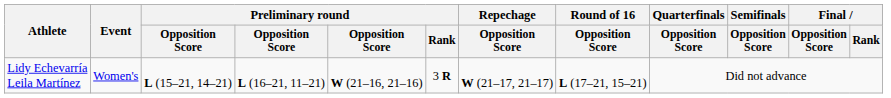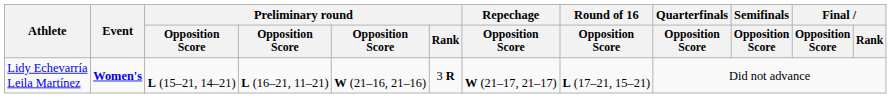 <table class=wikitable style=font-size:90%;text-align:center>
 <tr>
 <th rowspan=2>Athlete</th>
 <th rowspan=2>Event</th>
 <th colspan=4>Preliminary round</th>
 <th>Repechage</th>
 <th>Round of 16</th>
 <th>Quarterfinals</th>
 <th>Semifinals</th>
 <th colspan=2>Final / </th>
 </tr>
 <tr style=font-size:95%>
 <th>Opposition<br>Score</th>
 <th>Opposition<br>Score</th>
 <th>Opposition<br>Score</th>
 <th>Rank</th>
 <th>Opposition<br>Score</th>
 <th>Opposition<br>Score</th>
 <th>Opposition<br>Score</th>
 <th>Opposition<br>Score</th>
 <th>Opposition<br>Score</th>
 <th>Rank</th>
 </tr>
 <tr>
 <td align=left><a href='#'>Lidy Echevarría</a><br><a href='#'>Leila Martínez</a></td>
-<td align=left><a href='#'>Women's</a></td>
+<td align=left><strong><a href='#'>Women's</a></strong></td>
 <td><br><strong>L</strong> (15–21, 14–21)</td>
 <td><br><strong>L</strong> (16–21, 11–21)</td>
 <td><br><strong>W</strong> (21–16, 21–16)</td>
 <td>3 <strong>R</strong></td>
 <td><br><strong>W</strong> (21–17, 21–17)</td>
 <td><br><strong>L</strong> (17–21, 15–21)</td>
 <td colspan="4">Did not advance</td>
 </tr>
 </table>
